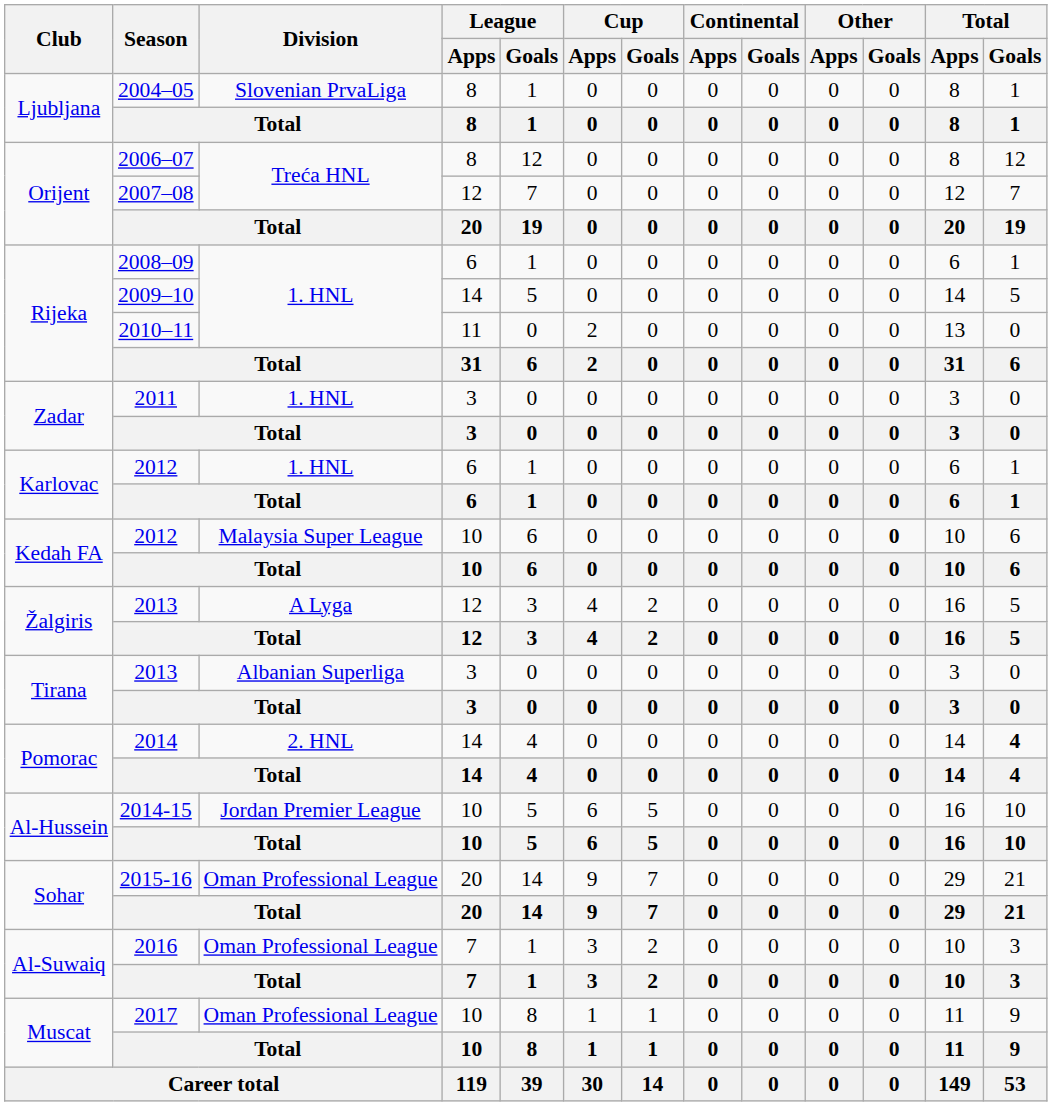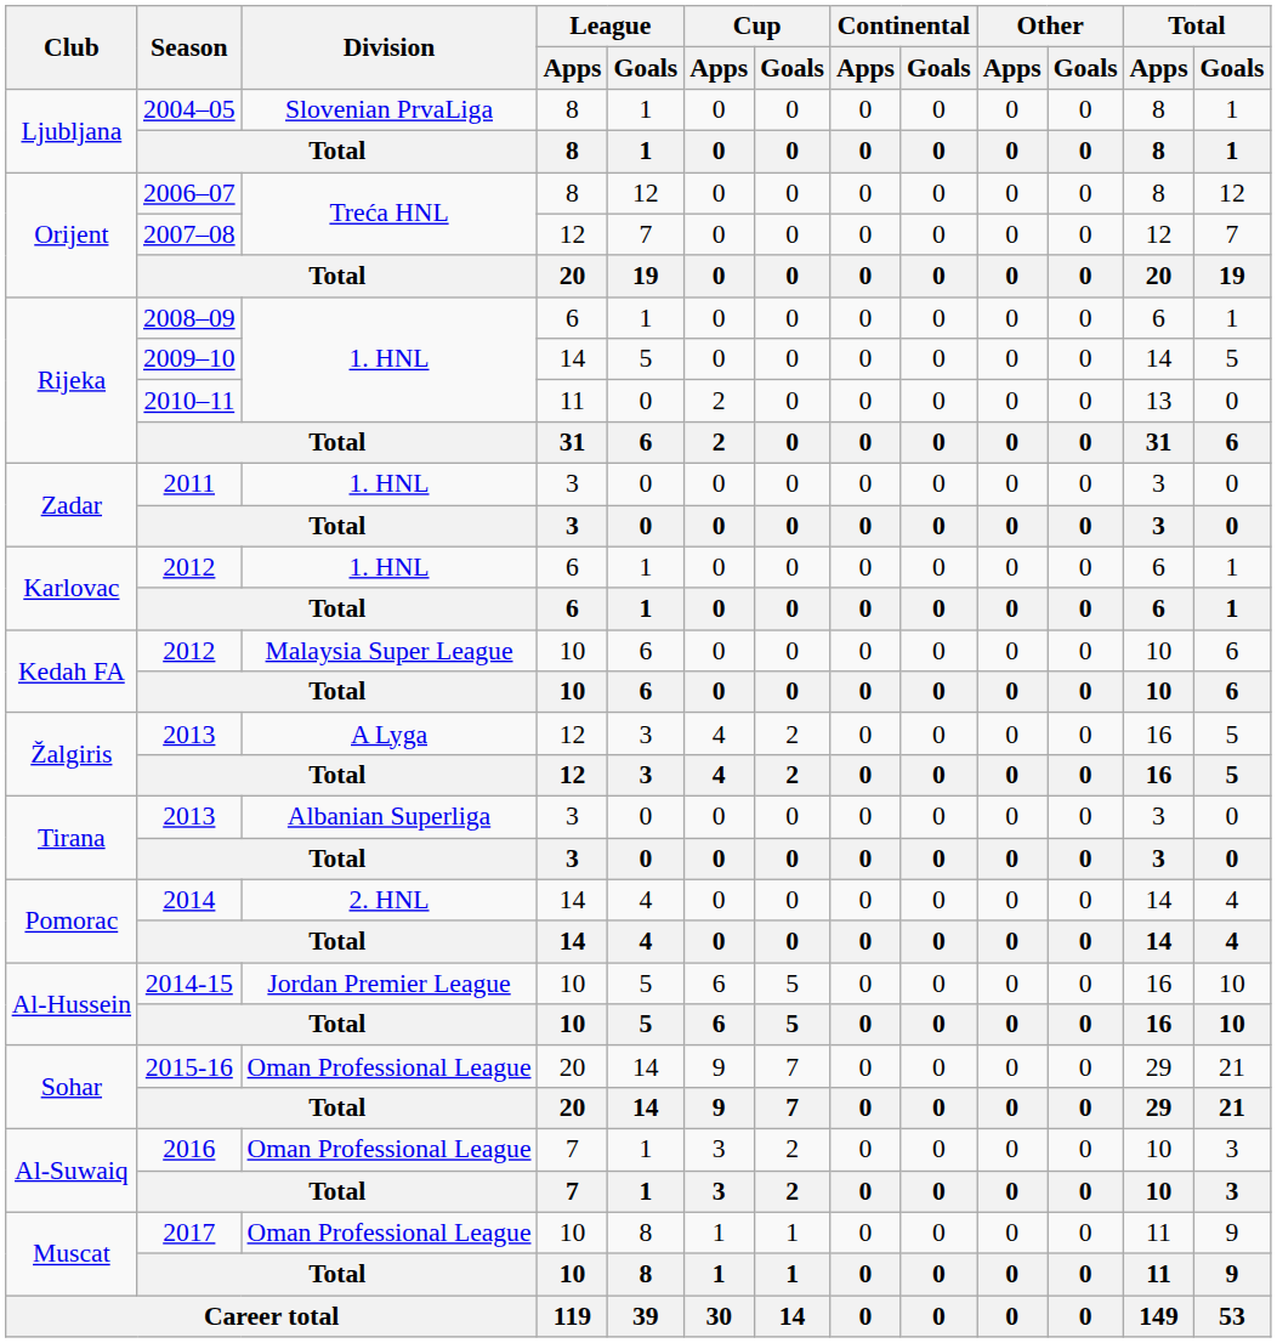 <table class="wikitable" style="text-align: center;">
 <tr>
 <th rowspan="2">Club</th>
 <th rowspan="2">Season</th>
 <th rowspan="2">Division</th>
 <th colspan="2">League</th>
 <th colspan="2">Cup</th>
 <th colspan="2">Continental</th>
 <th colspan="2">Other</th>
 <th colspan="2">Total</th>
 </tr>
 <tr>
 <th>Apps</th>
 <th>Goals</th>
 <th>Apps</th>
 <th>Goals</th>
 <th>Apps</th>
 <th>Goals</th>
 <th>Apps</th>
 <th>Goals</th>
 <th>Apps</th>
 <th>Goals</th>
 </tr>
 <tr>
 <td rowspan="2"><a href='#'>Ljubljana</a></td>
 <td><a href='#'>2004–05</a></td>
 <td rowspan="1"><a href='#'>Slovenian PrvaLiga</a></td>
 <td>8</td>
 <td>1</td>
 <td>0</td>
 <td>0</td>
 <td>0</td>
 <td>0</td>
 <td>0</td>
 <td>0</td>
 <td>8</td>
 <td>1</td>
 </tr>
 <tr>
 <th colspan="2">Total</th>
 <th>8</th>
 <th>1</th>
 <th>0</th>
 <th>0</th>
 <th>0</th>
 <th>0</th>
 <th>0</th>
 <th>0</th>
 <th>8</th>
 <th>1</th>
 </tr>
 <tr>
 <td rowspan="3"><a href='#'>Orijent</a></td>
 <td><a href='#'>2006–07</a></td>
 <td rowspan="2"><a href='#'>Treća HNL</a></td>
 <td>8</td>
 <td>12</td>
 <td>0</td>
 <td>0</td>
 <td>0</td>
 <td>0</td>
 <td>0</td>
 <td>0</td>
 <td>8</td>
 <td>12</td>
 </tr>
 <tr>
 <td><a href='#'>2007–08</a></td>
 <td>12</td>
 <td>7</td>
 <td>0</td>
 <td>0</td>
 <td>0</td>
 <td>0</td>
 <td>0</td>
 <td>0</td>
 <td>12</td>
 <td>7</td>
 </tr>
 <tr>
 <th colspan="2">Total</th>
 <th>20</th>
 <th>19</th>
 <th>0</th>
 <th>0</th>
 <th>0</th>
 <th>0</th>
 <th>0</th>
 <th>0</th>
 <th>20</th>
 <th>19</th>
 </tr>
 <tr>
 <td rowspan="4"><a href='#'>Rijeka</a></td>
 <td><a href='#'>2008–09</a></td>
 <td rowspan="3"><a href='#'>1. HNL</a></td>
 <td>6</td>
 <td>1</td>
 <td>0</td>
 <td>0</td>
 <td>0</td>
 <td>0</td>
 <td>0</td>
 <td>0</td>
 <td>6</td>
 <td>1</td>
 </tr>
 <tr>
 <td><a href='#'>2009–10</a></td>
 <td>14</td>
 <td>5</td>
 <td>0</td>
 <td>0</td>
 <td>0</td>
 <td>0</td>
 <td>0</td>
 <td>0</td>
 <td>14</td>
 <td>5</td>
 </tr>
 <tr>
 <td><a href='#'>2010–11</a></td>
 <td>11</td>
 <td>0</td>
 <td>2</td>
 <td>0</td>
 <td>0</td>
 <td>0</td>
 <td>0</td>
 <td>0</td>
 <td>13</td>
 <td>0</td>
 </tr>
 <tr>
 <th colspan="2">Total</th>
 <th>31</th>
 <th>6</th>
 <th>2</th>
 <th>0</th>
 <th>0</th>
 <th>0</th>
 <th>0</th>
 <th>0</th>
 <th>31</th>
 <th>6</th>
 </tr>
 <tr>
 <td rowspan="2"><a href='#'>Zadar</a></td>
 <td><a href='#'>2011</a></td>
 <td rowspan="1"><a href='#'>1. HNL</a></td>
 <td>3</td>
 <td>0</td>
 <td>0</td>
 <td>0</td>
 <td>0</td>
 <td>0</td>
 <td>0</td>
 <td>0</td>
 <td>3</td>
 <td>0</td>
 </tr>
 <tr>
 <th colspan="2">Total</th>
 <th>3</th>
 <th>0</th>
 <th>0</th>
 <th>0</th>
 <th>0</th>
 <th>0</th>
 <th>0</th>
 <th>0</th>
 <th>3</th>
 <th>0</th>
 </tr>
 <tr>
 <td rowspan="2"><a href='#'>Karlovac</a></td>
 <td><a href='#'>2012</a></td>
 <td rowspan="1"><a href='#'>1. HNL</a></td>
 <td>6</td>
 <td>1</td>
 <td>0</td>
 <td>0</td>
 <td>0</td>
 <td>0</td>
 <td>0</td>
 <td>0</td>
 <td>6</td>
 <td>1</td>
 </tr>
 <tr>
 <th colspan="2">Total</th>
 <th>6</th>
 <th>1</th>
 <th>0</th>
 <th>0</th>
 <th>0</th>
 <th>0</th>
 <th>0</th>
 <th>0</th>
 <th>6</th>
 <th>1</th>
 </tr>
 <tr>
 <td rowspan="2"><a href='#'>Kedah FA</a></td>
 <td><a href='#'>2012</a></td>
 <td rowspan="1"><a href='#'>Malaysia Super League</a></td>
 <td>10</td>
 <td>6</td>
 <td>0</td>
 <td>0</td>
 <td>0</td>
 <td>0</td>
 <td>0</td>
-<td><strong>0</strong></td>
+<td>0</td>
 <td>10</td>
 <td>6</td>
 </tr>
 <tr>
 <th colspan="2">Total</th>
 <th>10</th>
 <th>6</th>
 <th>0</th>
 <th>0</th>
 <th>0</th>
 <th>0</th>
 <th>0</th>
 <th>0</th>
 <th>10</th>
 <th>6</th>
 </tr>
 <tr>
 <td rowspan="2"><a href='#'>Žalgiris</a></td>
 <td><a href='#'>2013</a></td>
 <td rowspan="1"><a href='#'>A Lyga</a></td>
 <td>12</td>
 <td>3</td>
 <td>4</td>
 <td>2</td>
 <td>0</td>
 <td>0</td>
 <td>0</td>
 <td>0</td>
 <td>16</td>
 <td>5</td>
 </tr>
 <tr>
 <th colspan="2">Total</th>
 <th>12</th>
 <th>3</th>
 <th>4</th>
 <th>2</th>
 <th>0</th>
 <th>0</th>
 <th>0</th>
 <th>0</th>
 <th>16</th>
 <th>5</th>
 </tr>
 <tr>
 <td rowspan="2"><a href='#'>Tirana</a></td>
 <td><a href='#'>2013</a></td>
 <td rowspan="1"><a href='#'>Albanian Superliga</a></td>
 <td>3</td>
 <td>0</td>
 <td>0</td>
 <td>0</td>
 <td>0</td>
 <td>0</td>
 <td>0</td>
 <td>0</td>
 <td>3</td>
 <td>0</td>
 </tr>
 <tr>
 <th colspan="2">Total</th>
 <th>3</th>
 <th>0</th>
 <th>0</th>
 <th>0</th>
 <th>0</th>
 <th>0</th>
 <th>0</th>
 <th>0</th>
 <th>3</th>
 <th>0</th>
 </tr>
 <tr>
 <td rowspan="2"><a href='#'>Pomorac</a></td>
 <td><a href='#'>2014</a></td>
 <td rowspan="1"><a href='#'>2. HNL</a></td>
 <td>14</td>
 <td>4</td>
 <td>0</td>
 <td>0</td>
 <td>0</td>
 <td>0</td>
 <td>0</td>
 <td>0</td>
 <td>14</td>
-<td><strong>4</strong></td>
+<td>4</td>
 </tr>
 <tr>
 <th colspan="2">Total</th>
 <th>14</th>
 <th>4</th>
 <th>0</th>
 <th>0</th>
 <th>0</th>
 <th>0</th>
 <th>0</th>
 <th>0</th>
 <th>14</th>
 <th>4</th>
 </tr>
 <tr>
 <td rowspan="2"><a href='#'>Al-Hussein</a></td>
 <td><a href='#'>2014-15</a></td>
 <td rowspan="1"><a href='#'>Jordan Premier League</a></td>
 <td>10</td>
 <td>5</td>
 <td>6</td>
 <td>5</td>
 <td>0</td>
 <td>0</td>
 <td>0</td>
 <td>0</td>
 <td>16</td>
 <td>10</td>
 </tr>
 <tr>
 <th colspan="2">Total</th>
 <th>10</th>
 <th>5</th>
 <th>6</th>
 <th>5</th>
 <th>0</th>
 <th>0</th>
 <th>0</th>
 <th>0</th>
 <th>16</th>
 <th>10</th>
 </tr>
 <tr>
 <td rowspan="2"><a href='#'>Sohar</a></td>
 <td><a href='#'>2015-16</a></td>
 <td rowspan="1"><a href='#'>Oman Professional League</a></td>
 <td>20</td>
 <td>14</td>
 <td>9</td>
 <td>7</td>
 <td>0</td>
 <td>0</td>
 <td>0</td>
 <td>0</td>
 <td>29</td>
 <td>21</td>
 </tr>
 <tr>
 <th colspan="2">Total</th>
 <th>20</th>
 <th>14</th>
 <th>9</th>
 <th>7</th>
 <th>0</th>
 <th>0</th>
 <th>0</th>
 <th>0</th>
 <th>29</th>
 <th>21</th>
 </tr>
 <tr>
 <td rowspan="2"><a href='#'>Al-Suwaiq</a></td>
 <td><a href='#'>2016</a></td>
 <td rowspan="1"><a href='#'>Oman Professional League</a></td>
 <td>7</td>
 <td>1</td>
 <td>3</td>
 <td>2</td>
 <td>0</td>
 <td>0</td>
 <td>0</td>
 <td>0</td>
 <td>10</td>
 <td>3</td>
 </tr>
 <tr>
 <th colspan="2">Total</th>
 <th>7</th>
 <th>1</th>
 <th>3</th>
 <th>2</th>
 <th>0</th>
 <th>0</th>
 <th>0</th>
 <th>0</th>
 <th>10</th>
 <th>3</th>
 </tr>
 <tr>
 <td rowspan="2"><a href='#'>Muscat</a></td>
 <td><a href='#'>2017</a></td>
 <td rowspan="1"><a href='#'>Oman Professional League</a></td>
 <td>10</td>
 <td>8</td>
 <td>1</td>
 <td>1</td>
 <td>0</td>
 <td>0</td>
 <td>0</td>
 <td>0</td>
 <td>11</td>
 <td>9</td>
 </tr>
 <tr>
 <th colspan="2">Total</th>
 <th>10</th>
 <th>8</th>
 <th>1</th>
 <th>1</th>
 <th>0</th>
 <th>0</th>
 <th>0</th>
 <th>0</th>
 <th>11</th>
 <th>9</th>
 </tr>
 <tr>
 <th colspan="3">Career total</th>
 <th>119</th>
 <th>39</th>
 <th>30</th>
 <th>14</th>
 <th>0</th>
 <th>0</th>
 <th>0</th>
 <th>0</th>
 <th>149</th>
 <th>53</th>
 </tr>
 </table>
